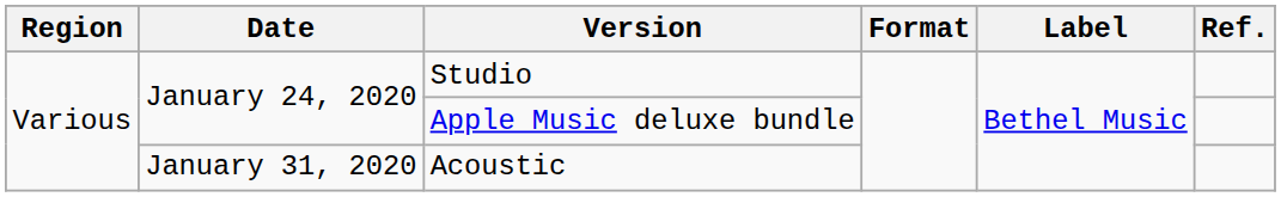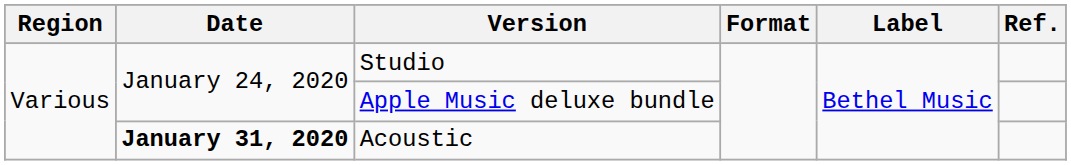 <table class="wikitable plainrowheaders">
 <tr>
 <th scope="col">Region</th>
 <th scope="col">Date</th>
 <th scope="col">Version</th>
 <th scope="col">Format</th>
 <th scope="col">Label</th>
 <th scope="col">Ref.</th>
 </tr>
 <tr>
 <td rowspan="3">Various</td>
 <td rowspan="2">January 24, 2020</td>
 <td>Studio</td>
 <td rowspan="3"></td>
 <td rowspan="3"><a href='#'>Bethel Music</a></td>
 <td></td>
 </tr>
 <tr>
 <td><a href='#'>Apple Music</a> deluxe bundle</td>
 <td></td>
 </tr>
 <tr>
-<td>January 31, 2020</td>
+<td><strong>January 31, 2020</strong></td>
 <td>Acoustic</td>
 <td></td>
 </tr>
 </table>
